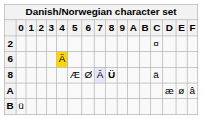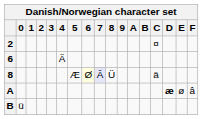 <table class="wikitable">
 <tr>
 <th colspan="17">Danish/Norwegian character set</th>
 </tr>
 <tr>
 <th></th>
 <th>0</th>
 <th>1</th>
 <th>2</th>
 <th>3</th>
 <th>4</th>
 <th>5</th>
 <th>6</th>
 <th>7</th>
 <th>8</th>
 <th>9</th>
 <th>A</th>
 <th>B</th>
 <th>C</th>
 <th>D</th>
 <th>E</th>
 <th>F</th>
 </tr>
 <tr>
 <th>2</th>
 <td></td>
 <td></td>
 <td></td>
 <td></td>
 <td></td>
 <td></td>
 <td></td>
 <td></td>
 <td></td>
 <td></td>
 <td></td>
 <td></td>
 <td>¤</td>
 <td></td>
 <td></td>
 <td></td>
 </tr>
 <tr>
 <th>6</th>
 <td></td>
 <td></td>
 <td></td>
 <td></td>
-<td style="background: gold;">Ä</td>
+<td>Ä</td>
 <td></td>
 <td></td>
 <td></td>
 <td></td>
 <td></td>
 <td></td>
 <td></td>
 <td></td>
 <td></td>
 <td></td>
 <td></td>
 </tr>
 <tr>
 <th>8</th>
 <td></td>
 <td></td>
 <td></td>
 <td></td>
 <td></td>
 <td>Æ</td>
-<td>Ø</td>
+<td style="background: lightyellow;">Ø</td>
 <td style="background: lavender;">Â</td>
-<td><strong>Ü</strong></td>
+<td>Ü</td>
 <td></td>
 <td></td>
 <td></td>
 <td>ä</td>
 <td></td>
 <td></td>
 <td></td>
 </tr>
 <tr>
 <th>A</th>
 <td></td>
 <td></td>
 <td></td>
 <td></td>
 <td></td>
 <td></td>
 <td></td>
 <td></td>
 <td></td>
 <td></td>
 <td></td>
 <td></td>
 <td></td>
-<td>æ</td>
+<td><strong>æ</strong></td>
 <td>ø</td>
 <td>â</td>
 </tr>
 <tr>
 <th>B</th>
 <td>ü</td>
 <td></td>
 <td></td>
 <td></td>
 <td></td>
 <td></td>
 <td></td>
 <td></td>
 <td></td>
 <td></td>
 <td></td>
 <td></td>
 <td></td>
 <td></td>
 <td></td>
 <td></td>
 </tr>
 </table>
